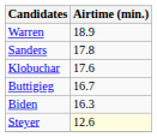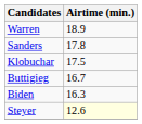 <table class="wikitable sortable" style="display:inline-table;line-height:16px;">
 <tr>
 <th>Candidates</th>
 <th>Airtime (min.)</th>
 </tr>
 <tr>
 <td><a href='#'>Warren</a></td>
 <td>18.9</td>
 </tr>
 <tr>
 <td><a href='#'>Sanders</a></td>
 <td>17.8</td>
 </tr>
 <tr>
 <td><a href='#'>Klobuchar</a></td>
-<td>17.6</td>
+<td>17.5</td>
 </tr>
 <tr>
 <td><a href='#'>Buttigieg</a></td>
 <td>16.7</td>
 </tr>
 <tr>
 <td><a href='#'>Biden</a></td>
 <td>16.3</td>
 </tr>
 <tr>
 <td><a href='#'>Steyer</a></td>
 <td style="background: lightyellow;">12.6</td>
 </tr>
 <tr>
 </tr>
 </table>
